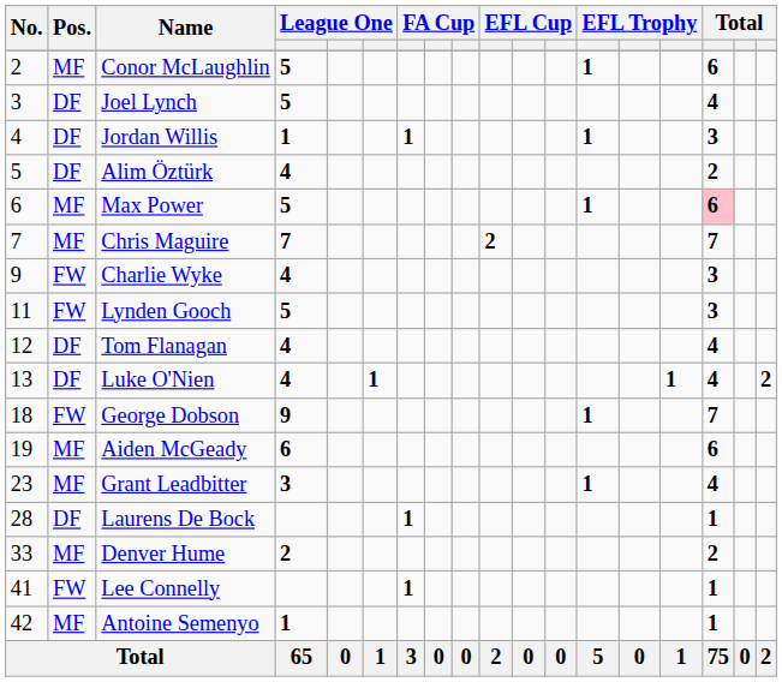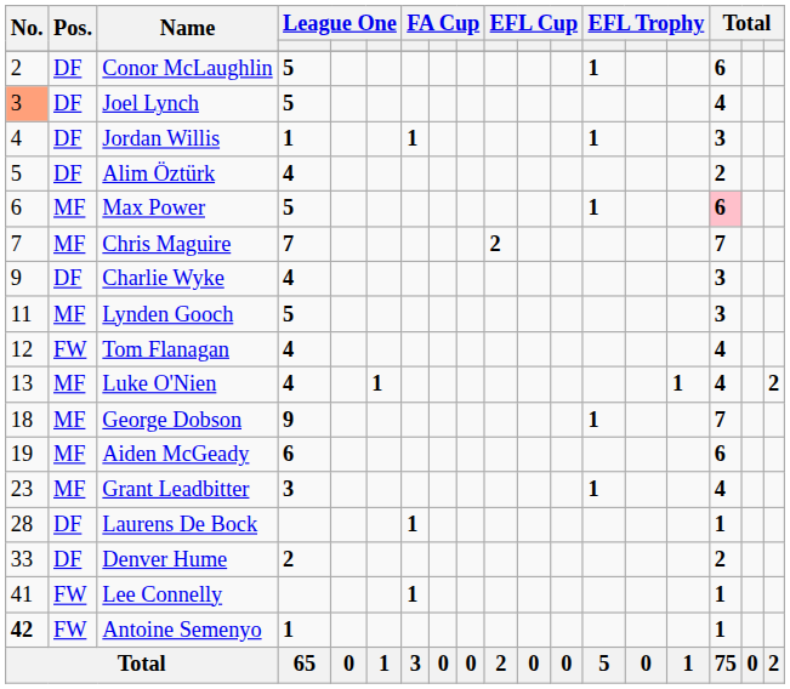 <table class="wikitable sortable" style="font-size;90% text-align: center;">
 <tr>
 <th rowspan="2">No.</th>
 <th rowspan="2">Pos.</th>
 <th rowspan="2">Name</th>
 <th colspan="3"><a href='#'>League One</a></th>
 <th colspan="3"><a href='#'>FA Cup</a></th>
 <th colspan="3"><a href='#'>EFL Cup</a></th>
 <th colspan="3"><a href='#'>EFL Trophy</a></th>
 <th colspan="3">Total</th>
 </tr>
 <tr>
 <th></th>
 <th></th>
 <th></th>
 <th></th>
 <th></th>
 <th></th>
 <th></th>
 <th></th>
 <th></th>
 <th></th>
 <th></th>
 <th></th>
 <th></th>
 <th></th>
 <th></th>
 </tr>
 <tr>
 </tr>
 <tr>
 <td>2</td>
-<td><a href='#'>MF</a></td>
+<td><a href='#'>DF</a></td>
 <td><a href='#'>Conor McLaughlin</a></td>
 <td><strong>5</strong></td>
 <td><strong></strong></td>
 <td><strong></strong></td>
 <td><strong></strong></td>
 <td><strong></strong></td>
 <td><strong></strong></td>
 <td><strong></strong></td>
 <td><strong></strong></td>
 <td><strong></strong></td>
 <td><strong>1</strong></td>
 <td><strong></strong></td>
 <td><strong></strong></td>
 <td><strong>6</strong></td>
 <td><strong></strong></td>
 <td><strong> </strong></td>
 </tr>
 <tr>
-<td>3</td>
+<td style="background: lightsalmon;">3</td>
 <td><a href='#'>DF</a></td>
 <td><a href='#'>Joel Lynch</a></td>
 <td><strong>5</strong></td>
 <td><strong></strong></td>
 <td><strong></strong></td>
 <td><strong></strong></td>
 <td><strong></strong></td>
 <td><strong></strong></td>
 <td><strong></strong></td>
 <td><strong></strong></td>
 <td><strong></strong></td>
 <td><strong></strong></td>
 <td><strong></strong></td>
 <td><strong></strong></td>
 <td><strong>4</strong></td>
 <td><strong></strong></td>
 <td><strong> </strong></td>
 </tr>
 <tr>
 <td>4</td>
 <td><a href='#'>DF</a></td>
 <td><a href='#'>Jordan Willis</a></td>
 <td><strong>1</strong></td>
 <td><strong></strong></td>
 <td><strong></strong></td>
 <td><strong>1</strong></td>
 <td><strong></strong></td>
 <td><strong></strong></td>
 <td><strong></strong></td>
 <td><strong></strong></td>
 <td><strong></strong></td>
 <td><strong>1</strong></td>
 <td><strong></strong></td>
 <td><strong></strong></td>
 <td><strong>3</strong></td>
 <td><strong></strong></td>
 <td><strong> </strong></td>
 </tr>
 <tr>
 <td>5</td>
 <td><a href='#'>DF</a></td>
 <td><a href='#'>Alim Öztürk</a></td>
 <td><strong>4</strong></td>
 <td><strong></strong></td>
 <td><strong></strong></td>
 <td><strong></strong></td>
 <td><strong></strong></td>
 <td><strong></strong></td>
 <td><strong></strong></td>
 <td><strong></strong></td>
 <td><strong></strong></td>
 <td><strong></strong></td>
 <td><strong></strong></td>
 <td><strong></strong></td>
 <td><strong>2</strong></td>
 <td><strong></strong></td>
 <td><strong> </strong></td>
 </tr>
 <tr>
 <td>6</td>
 <td><a href='#'>MF</a></td>
 <td><a href='#'>Max Power</a></td>
 <td><strong>5</strong></td>
 <td><strong></strong></td>
 <td><strong></strong></td>
 <td><strong></strong></td>
 <td><strong></strong></td>
 <td><strong></strong></td>
 <td><strong> </strong></td>
 <td><strong></strong></td>
 <td><strong></strong></td>
 <td><strong>1</strong></td>
 <td><strong></strong></td>
 <td><strong></strong></td>
 <td style="background: pink;"><strong>6</strong></td>
 <td><strong></strong></td>
 <td><strong> </strong></td>
 </tr>
 <tr>
 <td>7</td>
 <td><a href='#'>MF</a></td>
 <td><a href='#'>Chris Maguire</a></td>
 <td><strong>7</strong></td>
 <td><strong></strong></td>
 <td><strong></strong></td>
 <td><strong></strong></td>
 <td><strong></strong></td>
 <td><strong></strong></td>
 <td><strong>2</strong></td>
 <td><strong></strong></td>
 <td><strong></strong></td>
 <td><strong></strong></td>
 <td><strong></strong></td>
 <td><strong></strong></td>
 <td><strong>7</strong></td>
 <td><strong></strong></td>
 <td><strong> </strong></td>
 </tr>
 <tr>
 <td>9</td>
-<td><a href='#'>FW</a></td>
+<td><a href='#'>DF</a></td>
 <td><a href='#'>Charlie Wyke</a></td>
 <td><strong>4</strong></td>
 <td><strong></strong></td>
 <td><strong></strong></td>
 <td><strong></strong></td>
 <td><strong></strong></td>
 <td><strong></strong></td>
 <td><strong></strong></td>
 <td><strong></strong></td>
 <td><strong></strong></td>
 <td><strong></strong></td>
 <td><strong></strong></td>
 <td><strong></strong></td>
 <td><strong>3</strong></td>
 <td><strong> </strong></td>
 <td><strong> </strong></td>
 </tr>
 <tr>
 <td>11</td>
-<td><a href='#'>FW</a></td>
+<td><a href='#'>MF</a></td>
 <td><a href='#'>Lynden Gooch</a></td>
 <td><strong>5</strong></td>
 <td><strong></strong></td>
 <td><strong></strong></td>
 <td><strong></strong></td>
 <td><strong></strong></td>
 <td><strong></strong></td>
 <td><strong></strong></td>
 <td><strong></strong></td>
 <td><strong></strong></td>
 <td><strong></strong></td>
 <td><strong></strong></td>
 <td><strong></strong></td>
 <td><strong>3</strong></td>
 <td><strong></strong></td>
 <td><strong> </strong></td>
 </tr>
 <tr>
 <td>12</td>
-<td><a href='#'>DF</a></td>
+<td><a href='#'>FW</a></td>
 <td><a href='#'>Tom Flanagan</a></td>
 <td><strong>4</strong></td>
 <td><strong></strong></td>
 <td><strong></strong></td>
 <td><strong></strong></td>
 <td><strong></strong></td>
 <td><strong></strong></td>
 <td><strong></strong></td>
 <td><strong></strong></td>
 <td><strong></strong></td>
 <td><strong></strong></td>
 <td><strong></strong></td>
 <td><strong></strong></td>
 <td><strong>4</strong></td>
 <td><strong></strong></td>
 <td><strong> </strong></td>
 </tr>
 <tr>
 <td>13</td>
-<td><a href='#'>DF</a></td>
+<td><a href='#'>MF</a></td>
 <td><a href='#'>Luke O'Nien</a></td>
 <td><strong>4</strong></td>
 <td><strong></strong></td>
 <td><strong>1</strong></td>
 <td><strong></strong></td>
 <td><strong></strong></td>
 <td><strong></strong></td>
 <td><strong></strong></td>
 <td><strong></strong></td>
 <td><strong></strong></td>
 <td><strong></strong></td>
 <td><strong></strong></td>
 <td><strong>1</strong></td>
 <td><strong>4</strong></td>
 <td><strong></strong></td>
 <td><strong>2</strong></td>
 </tr>
 <tr>
 <td>18</td>
-<td><a href='#'>FW</a></td>
+<td><a href='#'>MF</a></td>
 <td><a href='#'>George Dobson</a></td>
 <td><strong>9</strong></td>
 <td><strong></strong></td>
 <td><strong></strong></td>
 <td><strong></strong></td>
 <td><strong></strong></td>
 <td><strong></strong></td>
 <td><strong></strong></td>
 <td><strong></strong></td>
 <td><strong></strong></td>
 <td><strong>1</strong></td>
 <td><strong></strong></td>
 <td><strong></strong></td>
 <td><strong>7</strong></td>
 <td><strong></strong></td>
 <td><strong> </strong></td>
 </tr>
 <tr>
 <td>19</td>
 <td><a href='#'>MF</a></td>
 <td><a href='#'>Aiden McGeady</a></td>
 <td><strong>6</strong></td>
 <td><strong></strong></td>
 <td><strong></strong></td>
 <td><strong></strong></td>
 <td><strong></strong></td>
 <td><strong></strong></td>
 <td><strong></strong></td>
 <td><strong></strong></td>
 <td><strong></strong></td>
 <td><strong></strong></td>
 <td><strong></strong></td>
 <td><strong></strong></td>
 <td><strong>6</strong></td>
 <td><strong></strong></td>
 <td><strong> </strong></td>
 </tr>
 <tr>
 <td>23</td>
 <td><a href='#'>MF</a></td>
 <td><a href='#'>Grant Leadbitter</a></td>
 <td><strong>3</strong></td>
 <td><strong></strong></td>
 <td><strong></strong></td>
 <td><strong></strong></td>
 <td><strong></strong></td>
 <td><strong></strong></td>
 <td><strong></strong></td>
 <td><strong></strong></td>
 <td><strong></strong></td>
 <td><strong>1</strong></td>
 <td><strong></strong></td>
 <td><strong></strong></td>
 <td><strong>4</strong></td>
 <td><strong></strong></td>
 <td><strong> </strong></td>
 </tr>
 <tr>
 <td>28</td>
 <td><a href='#'>DF</a></td>
 <td><a href='#'>Laurens De Bock</a></td>
 <td><strong></strong></td>
 <td><strong></strong></td>
 <td><strong></strong></td>
 <td><strong>1</strong></td>
 <td><strong></strong></td>
 <td><strong></strong></td>
 <td><strong></strong></td>
 <td><strong></strong></td>
 <td><strong></strong></td>
 <td><strong></strong></td>
 <td><strong></strong></td>
 <td><strong></strong></td>
 <td><strong>1</strong></td>
 <td><strong></strong></td>
 <td><strong> </strong></td>
 </tr>
 <tr>
 <td>33</td>
-<td><a href='#'>MF</a></td>
+<td><a href='#'>DF</a></td>
 <td><a href='#'>Denver Hume</a></td>
 <td><strong>2</strong></td>
 <td><strong></strong></td>
 <td><strong></strong></td>
 <td><strong></strong></td>
 <td><strong></strong></td>
 <td><strong></strong></td>
 <td><strong></strong></td>
 <td><strong></strong></td>
 <td><strong></strong></td>
 <td><strong></strong></td>
 <td><strong></strong></td>
 <td><strong></strong></td>
 <td><strong>2</strong></td>
 <td><strong></strong></td>
 <td><strong> </strong></td>
 </tr>
 <tr>
 <td>41</td>
 <td><a href='#'>FW</a></td>
 <td><a href='#'>Lee Connelly</a></td>
 <td><strong></strong></td>
 <td><strong></strong></td>
 <td><strong></strong></td>
 <td><strong>1</strong></td>
 <td><strong></strong></td>
 <td><strong></strong></td>
 <td><strong></strong></td>
 <td><strong></strong></td>
 <td><strong></strong></td>
 <td><strong></strong></td>
 <td><strong></strong></td>
 <td><strong></strong></td>
 <td><strong>1</strong></td>
 <td><strong></strong></td>
 <td><strong> </strong></td>
 </tr>
 <tr>
-<td>42</td>
-<td><a href='#'>MF</a></td>
+<td><strong>42</strong></td>
+<td><a href='#'>FW</a></td>
 <td><a href='#'>Antoine Semenyo</a></td>
 <td><strong>1</strong></td>
 <td><strong></strong></td>
 <td><strong></strong></td>
 <td><strong></strong></td>
 <td><strong></strong></td>
 <td><strong></strong></td>
 <td><strong></strong></td>
 <td><strong></strong></td>
 <td><strong></strong></td>
 <td><strong></strong></td>
 <td><strong></strong></td>
 <td><strong></strong></td>
 <td><strong>1</strong></td>
 <td><strong></strong></td>
 <td><strong> </strong></td>
 </tr>
 <tr>
 <th colspan=3>Total</th>
 <th>65</th>
 <th>0</th>
 <th>1</th>
 <th>3</th>
 <th>0</th>
 <th>0</th>
 <th>2</th>
 <th>0</th>
 <th>0</th>
 <th>5</th>
 <th>0</th>
 <th>1</th>
 <th>75</th>
 <th>0</th>
 <th>2</th>
 </tr>
 </table>
